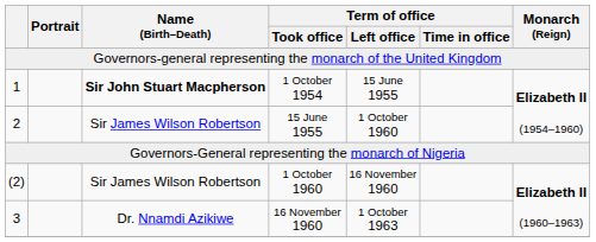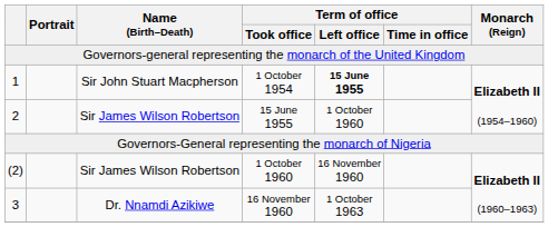 <table class="wikitable" style="text-align:center;">
 <tr>
 <th rowspan="2"></th>
 <th rowspan="2">Portrait</th>
 <th rowspan="2">Name<br><small>(Birth–Death)</small></th>
 <th colspan="3">Term of office</th>
 <th rowspan="2">Monarch<br><small>(Reign)</small></th>
 </tr>
 <tr>
 <th>Took office</th>
 <th>Left office</th>
 <th>Time in office</th>
 </tr>
 <tr style="background:#efefef;">
 <td colspan="7"> Governors-general representing the <a href='#'>monarch of the United Kingdom</a></td>
 </tr>
 <tr>
 <td>1</td>
 <td></td>
-<td><strong>Sir John Stuart Macpherson<br></strong></td>
+<td>Sir John Stuart Macpherson<br></td>
 <td><small>1 October</small><br>1954</td>
-<td><small>15 June</small><br>1955</td>
+<td><strong><small>15 June</small><br>1955</strong></td>
 <td></td>
 <td rowspan="2"><br><strong>Elizabeth II</strong><br><br><small>(1954–1960)</small></td>
 </tr>
 <tr>
 <td>2</td>
 <td></td>
 <td>Sir <a href='#'>James Wilson Robertson</a><br></td>
 <td><small>15 June</small><br>1955</td>
 <td><small>1 October</small><br>1960</td>
 <td></td>
 </tr>
 <tr style="background:#efefef;">
 <td colspan="7"> Governors-General representing the <a href='#'>monarch of Nigeria</a></td>
 </tr>
 <tr>
 <td>(2)</td>
 <td></td>
 <td>Sir James Wilson Robertson<br></td>
 <td><small>1 October</small><br>1960</td>
 <td><small>16 November</small><br>1960</td>
 <td></td>
 <td rowspan="2"><br><strong>Elizabeth II</strong><br><br><small>(1960–1963)</small></td>
 </tr>
 <tr>
 <td>3</td>
 <td></td>
 <td>Dr. <a href='#'>Nnamdi Azikiwe</a><br></td>
 <td><small>16 November</small><br>1960</td>
 <td><small>1 October</small><br>1963</td>
 <td></td>
 </tr>
 <tr>
 </tr>
 </table>
